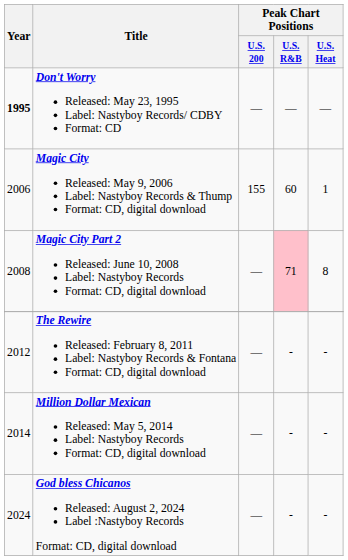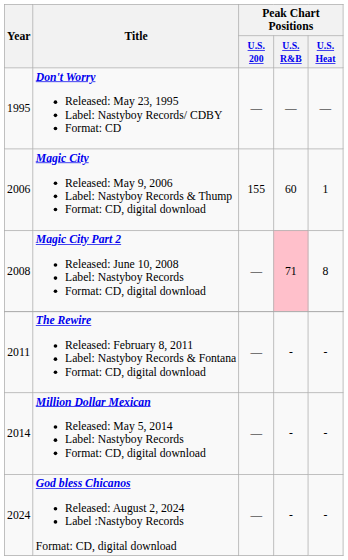 <table class="wikitable">
 <tr>
 <th align=center rowspan=2>Year</th>
 <th align=center rowspan=2>Title</th>
 <th align=center colspan=3>Peak Chart Positions</th>
 </tr>
 <tr>
 <th align=center width=40><small><a href='#'>U.S. 200</a></small></th>
 <th align=center width=40><small><a href='#'>U.S. R&B</a></small></th>
 <th align=center width=40><small><a href='#'>U.S. Heat</a></small></th>
 </tr>
 <tr>
-<td align=center><strong>1995</strong></td>
+<td align=center>1995</td>
 <td align=left><strong><em><a href='#'>Don't Worry</a></em></strong><br><ul><li>Released: May 23, 1995</li><li>Label: Nastyboy Records/ CDBY</li><li>Format: CD</li></ul></td>
 <td align=center>—</td>
 <td align=center>—</td>
 <td align=center>—</td>
 </tr>
 <tr>
 <td align=center>2006</td>
 <td align=left><strong><em><a href='#'>Magic City</a></em></strong><br><ul><li>Released: May 9, 2006</li><li>Label: Nastyboy Records & Thump</li><li>Format: CD, digital download</li></ul></td>
 <td align=center>155</td>
 <td align=center>60</td>
 <td align=center>1</td>
 </tr>
 <tr>
 <td align=center>2008</td>
 <td align=left><strong><em><a href='#'>Magic City Part 2</a></em></strong><br><ul><li>Released: June 10, 2008</li><li>Label: Nastyboy Records</li><li>Format: CD, digital download</li></ul></td>
 <td align=center>—</td>
 <td align=center style="background: pink;">71</td>
 <td align=center>8</td>
 </tr>
 <tr>
 </tr>
 <tr>
-<td align=center>2012</td>
+<td align=center>2011</td>
 <td align=left><strong><em><a href='#'>The Rewire</a></em></strong><br><ul><li>Released: February 8, 2011</li><li>Label: Nastyboy Records & Fontana</li><li>Format: CD, digital download</li></ul></td>
 <td align=center>—</td>
 <td align=center>-</td>
 <td align=center>-</td>
 </tr>
 <tr>
 <td align=center>2014</td>
 <td align=left><strong><em><a href='#'>Million Dollar Mexican</a></em></strong><br><ul><li>Released: May 5, 2014</li><li>Label: Nastyboy Records</li><li>Format: CD, digital download</li></ul></td>
 <td align=center>—</td>
 <td align=center>-</td>
 <td align=center>-</td>
 </tr>
 <tr>
 <td align=center>2024</td>
 <td align=left><strong><em><a href='#'>God bless Chicanos</a></em></strong><br><ul><li>Released: August 2, 2024</li><li>Label :Nastyboy Records</li></ul>Format: CD, digital download</td>
 <td align=center>—</td>
 <td align=center>-</td>
 <td align=center>-</td>
 </tr>
 </table>
